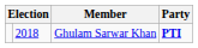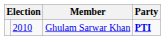 <table class="wikitable">
 <tr>
 <th colspan="2">Election</th>
 <th>Member</th>
 <th>Party</th>
 </tr>
 <tr>
 <td style="background-color: "></td>
-<td><a href='#'>2018</a></td>
+<td><a href='#'>2010</a></td>
 <td><a href='#'>Ghulam Sarwar Khan</a></td>
 <td><strong><a href='#'>PTI</a></strong></td>
 </tr>
 </table>
